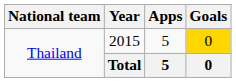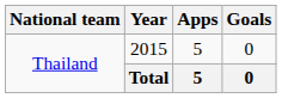 <table class="wikitable" style="text-align:center">
 <tr>
 <th>National team</th>
 <th>Year</th>
 <th>Apps</th>
 <th>Goals</th>
 </tr>
 <tr>
 <td rowspan="4" valign="center"><a href='#'>Thailand</a></td>
 <td>2015</td>
 <td>5</td>
-<td style="background: gold;">0</td>
+<td>0</td>
 </tr>
 <tr>
 <th>Total</th>
 <th>5</th>
 <th>0</th>
 </tr>
 </table>
